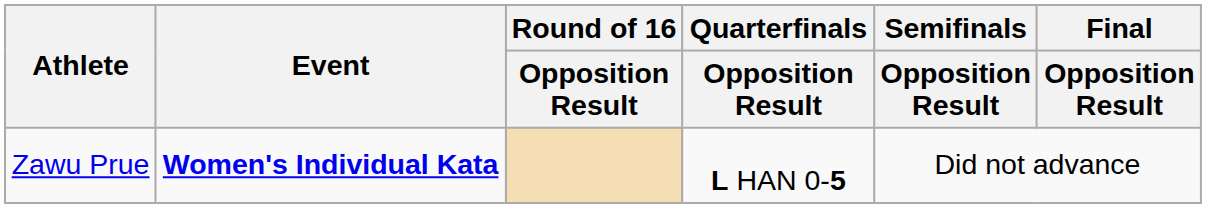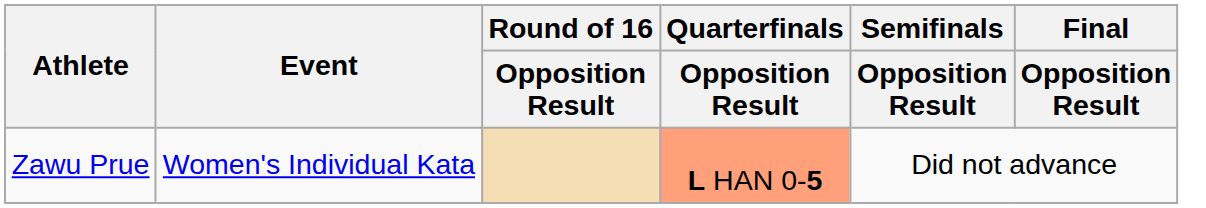 <table class="wikitable" style="font-size:90%">
 <tr>
 <th rowspan="2">Athlete</th>
 <th rowspan="2">Event</th>
 <th>Round of 16</th>
 <th>Quarterfinals</th>
 <th>Semifinals</th>
 <th>Final</th>
 </tr>
 <tr>
 <th>Opposition<br>Result</th>
 <th>Opposition<br>Result</th>
 <th>Opposition<br>Result</th>
 <th>Opposition<br>Result</th>
 </tr>
 <tr>
 <td><a href='#'>Zawu Prue</a></td>
-<td><strong><a href='#'>Women's Individual Kata</a></strong></td>
+<td><a href='#'>Women's Individual Kata</a></td>
 <td align="center" bgcolor=wheat></td>
-<td align=center><br><strong>L</strong> HAN 0-<strong>5</strong></td>
+<td align=center style="background: lightsalmon;"><br><strong>L</strong> HAN 0-<strong>5</strong></td>
 <td align=center colspan="7">Did not advance</td>
 </tr>
 </table>
